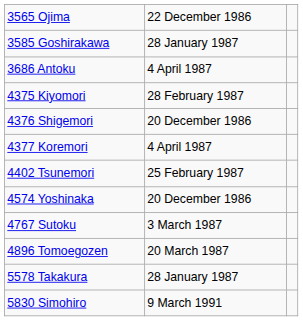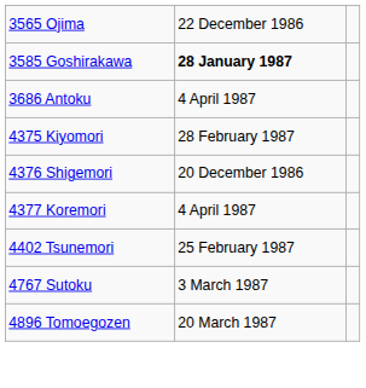 <table class="wikitable" style="font-size: 89%; float: left; width: 24em; margin-right: 1em; line-height: 1.65em !important; height: 324px;">
 <tr>
 <td><a href='#'>3565 Ojima</a></td>
 <td>22 December 1986</td>
 <td> </td>
 </tr>
 <tr>
 <td><a href='#'>3585 Goshirakawa</a></td>
-<td>28 January 1987</td>
+<td><strong>28 January 1987</strong></td>
 <td> </td>
 </tr>
 <tr>
 <td><a href='#'>3686 Antoku</a></td>
 <td>4 April 1987</td>
 <td> </td>
 </tr>
 <tr>
 <td><a href='#'>4375 Kiyomori</a></td>
 <td>28 February 1987</td>
 <td> </td>
 </tr>
 <tr>
 <td><a href='#'>4376 Shigemori</a></td>
 <td>20 December 1986</td>
 <td> </td>
 </tr>
 <tr>
 <td><a href='#'>4377 Koremori</a></td>
 <td>4 April 1987</td>
 <td> </td>
 </tr>
 <tr>
 <td><a href='#'>4402 Tsunemori</a></td>
 <td>25 February 1987</td>
 <td> </td>
 </tr>
 <tr>
-<td><a href='#'>4574 Yoshinaka</a></td>
-<td>20 December 1986</td>
-<td> </td>
-</tr>
-<tr>
 <td><a href='#'>4767 Sutoku</a></td>
 <td>3 March 1987</td>
 <td> </td>
 </tr>
 <tr>
 <td><a href='#'>4896 Tomoegozen</a></td>
 <td>20 March 1987</td>
 <td> </td>
 </tr>
-<tr>
-<td><a href='#'>5578 Takakura</a></td>
-<td>28 January 1987</td>
-<td> </td>
-</tr>
-<tr>
-<td><a href='#'>5830 Simohiro</a></td>
-<td>9 March 1991</td>
-<td> </td>
-</tr>
 </table>
